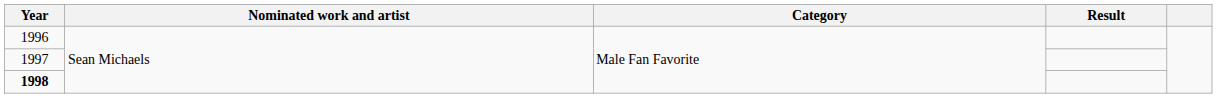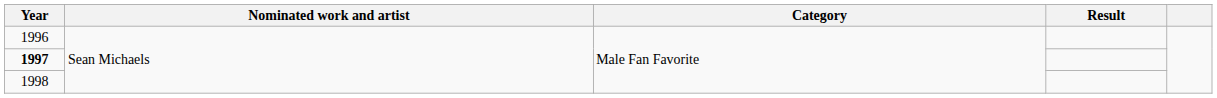 <table class="wikitable" style="width:70%;">
 <tr>
 <th width=4%>Year</th>
 <th style="width:35%;">Nominated work and artist</th>
 <th style="width:30%;">Category</th>
 <th style="width:8%;">Result</th>
 <th width=3%></th>
 </tr>
 <tr>
 <td style="text-align:center;">1996</td>
 <td rowspan="3">Sean Michaels</td>
 <td rowspan="3">Male Fan Favorite</td>
 <td></td>
 <td style="text-align:center;" rowspan="3"></td>
 </tr>
 <tr>
-<td style="text-align:center;">1997</td>
+<td style="text-align:center;"><strong>1997</strong></td>
 <td></td>
 </tr>
 <tr>
-<td style="text-align:center;"><strong>1998</strong></td>
+<td style="text-align:center;">1998</td>
 <td></td>
 </tr>
 </table>
